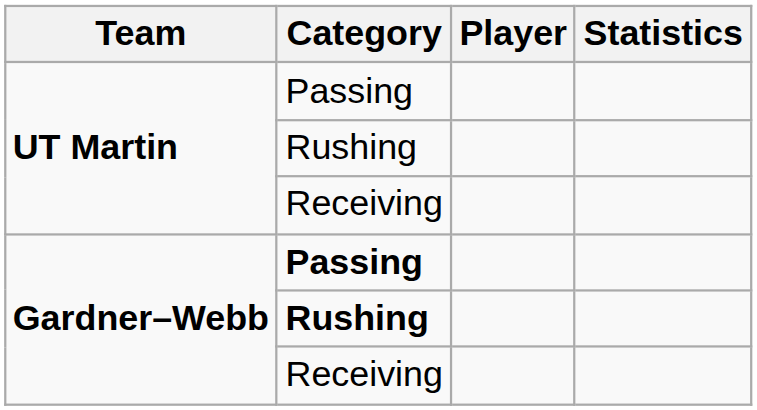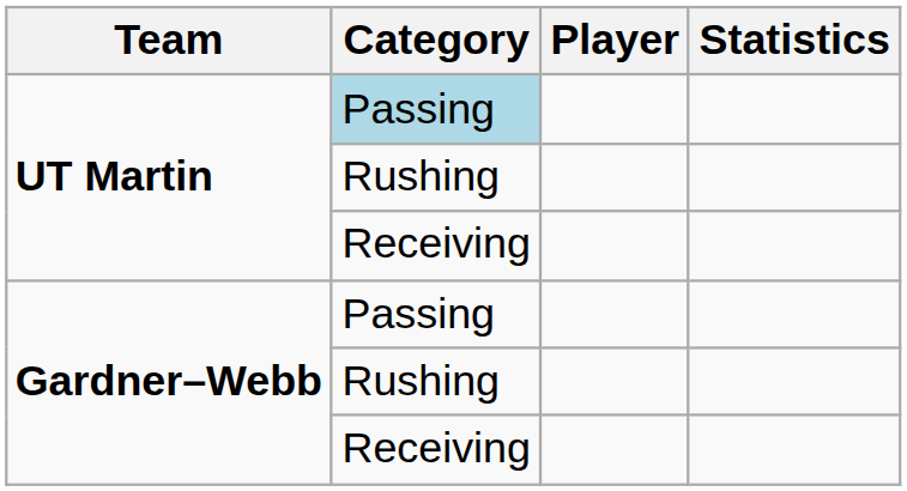 <table class="wikitable" style="float: right;">
 <tr>
 <th>Team</th>
 <th>Category</th>
 <th>Player</th>
 <th>Statistics</th>
 </tr>
 <tr>
 <td rowspan=3><strong>UT Martin</strong></td>
-<td>Passing</td>
+<td style="background: lightblue;">Passing</td>
 <td></td>
 <td></td>
 </tr>
 <tr>
 <td>Rushing</td>
 <td></td>
 <td></td>
 </tr>
 <tr>
 <td>Receiving</td>
 <td></td>
 <td></td>
 </tr>
 <tr>
 <td rowspan=3><strong>Gardner–Webb</strong></td>
-<td><strong>Passing</strong></td>
+<td>Passing</td>
 <td></td>
 <td></td>
 </tr>
 <tr>
-<td><strong>Rushing</strong></td>
+<td>Rushing</td>
 <td></td>
 <td></td>
 </tr>
 <tr>
 <td>Receiving</td>
 <td></td>
 <td></td>
 </tr>
 </table>
